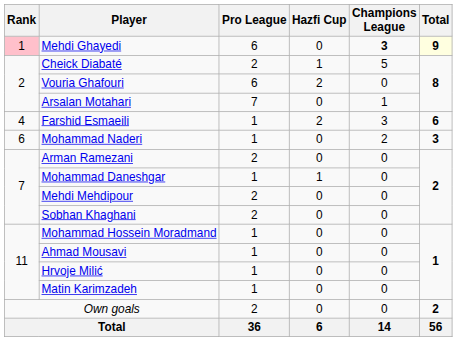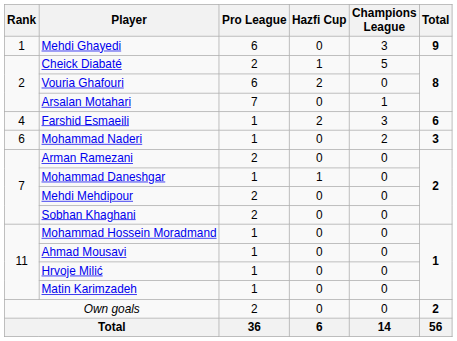 <table class="wikitable" style="text-align: center;">
 <tr>
 <th>Rank</th>
 <th>Player</th>
 <th>Pro League</th>
 <th>Hazfi Cup</th>
 <th>Champions<br>League</th>
 <th>Total</th>
 </tr>
 <tr>
-<td rowspan=1 style="background: pink;">1</td>
+<td rowspan=1>1</td>
 <td align=left> <a href='#'>Mehdi Ghayedi</a></td>
 <td>6</td>
 <td>0</td>
-<td><strong>3</strong></td>
-<td rowspan=1 style="background: lightyellow;"><strong>9</strong></td>
+<td>3</td>
+<td rowspan=1><strong>9</strong></td>
 </tr>
 <tr>
 <td rowspan=3>2</td>
 <td align=left> <a href='#'>Cheick Diabaté</a></td>
 <td>2</td>
 <td>1</td>
 <td>5</td>
 <td rowspan=3><strong>8</strong></td>
 </tr>
 <tr>
 <td align=left> <a href='#'>Vouria Ghafouri</a></td>
 <td>6</td>
 <td>2</td>
 <td>0</td>
 </tr>
 <tr>
 <td align=left> <a href='#'>Arsalan Motahari</a></td>
 <td>7</td>
 <td>0</td>
 <td>1</td>
 </tr>
 <tr>
 <td rowspan=1>4</td>
 <td align=left> <a href='#'>Farshid Esmaeili</a></td>
 <td>1</td>
 <td>2</td>
 <td>3</td>
 <td rowspan=1><strong>6</strong></td>
 </tr>
 <tr>
 <td>6</td>
 <td align=left> <a href='#'>Mohammad Naderi</a></td>
 <td>1</td>
 <td>0</td>
 <td>2</td>
 <td><strong>3</strong></td>
 </tr>
 <tr>
 <td rowspan=4>7</td>
 <td align=left> <a href='#'>Arman Ramezani</a></td>
 <td>2</td>
 <td>0</td>
 <td>0</td>
 <td rowspan=4><strong>2</strong></td>
 </tr>
 <tr>
 <td align=left> <a href='#'>Mohammad Daneshgar</a></td>
 <td>1</td>
 <td>1</td>
 <td>0</td>
 </tr>
 <tr>
 <td align=left> <a href='#'>Mehdi Mehdipour</a></td>
 <td>2</td>
 <td>0</td>
 <td>0</td>
 </tr>
 <tr>
 <td align=left> <a href='#'>Sobhan Khaghani</a></td>
 <td>2</td>
 <td>0</td>
 <td>0</td>
 </tr>
 <tr>
 <td rowspan=4>11</td>
 <td align=left> <a href='#'>Mohammad Hossein Moradmand</a></td>
 <td>1</td>
 <td>0</td>
 <td>0</td>
 <td rowspan=4><strong>1</strong></td>
 </tr>
 <tr>
 <td align=left> <a href='#'>Ahmad Mousavi</a></td>
 <td>1</td>
 <td>0</td>
 <td>0</td>
 </tr>
 <tr>
 <td align=left> <a href='#'>Hrvoje Milić</a></td>
 <td>1</td>
 <td>0</td>
 <td>0</td>
 </tr>
 <tr>
 <td align=left> <a href='#'>Matin Karimzadeh</a></td>
 <td>1</td>
 <td>0</td>
 <td>0</td>
 </tr>
 <tr>
 <td colspan=2 align=center><em>Own goals</em></td>
 <td>2</td>
 <td>0</td>
 <td>0</td>
 <td><strong>2</strong></td>
 </tr>
 <tr>
 <th colspan=2>Total</th>
 <th>36</th>
 <th>6</th>
 <th>14</th>
 <th>56</th>
 </tr>
 </table>
